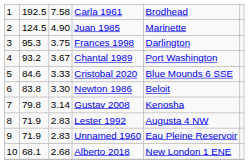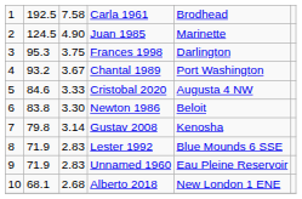 <table class="wikitable">
 <tr>
 <td>1</td>
 <td>192.5</td>
 <td>7.58</td>
 <td><a href='#'>Carla 1961</a></td>
 <td><a href='#'>Brodhead</a></td>
 <td></td>
 </tr>
 <tr>
 <td>2</td>
 <td>124.5</td>
 <td>4.90</td>
 <td><a href='#'>Juan 1985</a></td>
 <td><a href='#'>Marinette</a></td>
 <td></td>
 </tr>
 <tr>
 <td>3</td>
 <td>95.3</td>
 <td>3.75</td>
 <td><a href='#'>Frances 1998</a></td>
 <td><a href='#'>Darlington</a></td>
 <td></td>
 </tr>
 <tr>
 <td>4</td>
 <td>93.2</td>
 <td>3.67</td>
 <td><a href='#'>Chantal 1989</a></td>
 <td><a href='#'>Port Washington</a></td>
 <td></td>
 </tr>
 <tr>
 <td>5</td>
 <td>84.6</td>
 <td>3.33</td>
 <td><a href='#'>Cristobal 2020</a></td>
-<td><a href='#'>Blue Mounds 6 SSE</a></td>
+<td><a href='#'>Augusta 4 NW</a></td>
 <td></td>
 </tr>
 <tr>
 <td>6</td>
 <td>83.8</td>
 <td>3.30</td>
 <td><a href='#'>Newton 1986</a></td>
 <td><a href='#'>Beloit</a></td>
 <td></td>
 </tr>
 <tr>
 <td>7</td>
 <td>79.8</td>
 <td>3.14</td>
 <td><a href='#'>Gustav 2008</a></td>
 <td><a href='#'>Kenosha</a></td>
 <td></td>
 </tr>
 <tr>
 <td>8</td>
 <td>71.9</td>
 <td>2.83</td>
 <td><a href='#'>Lester 1992</a></td>
-<td><a href='#'>Augusta 4 NW</a></td>
+<td><a href='#'>Blue Mounds 6 SSE</a></td>
 <td></td>
 </tr>
 <tr>
 <td>9</td>
 <td>71.9</td>
 <td>2.83</td>
 <td><a href='#'>Unnamed 1960</a></td>
 <td><a href='#'>Eau Pleine Reservoir</a></td>
 <td></td>
 </tr>
 <tr>
 <td>10</td>
 <td>68.1</td>
 <td>2.68</td>
 <td><a href='#'>Alberto 2018</a></td>
 <td><a href='#'>New London 1 ENE</a></td>
 <td></td>
 </tr>
 <tr>
 </tr>
 </table>
